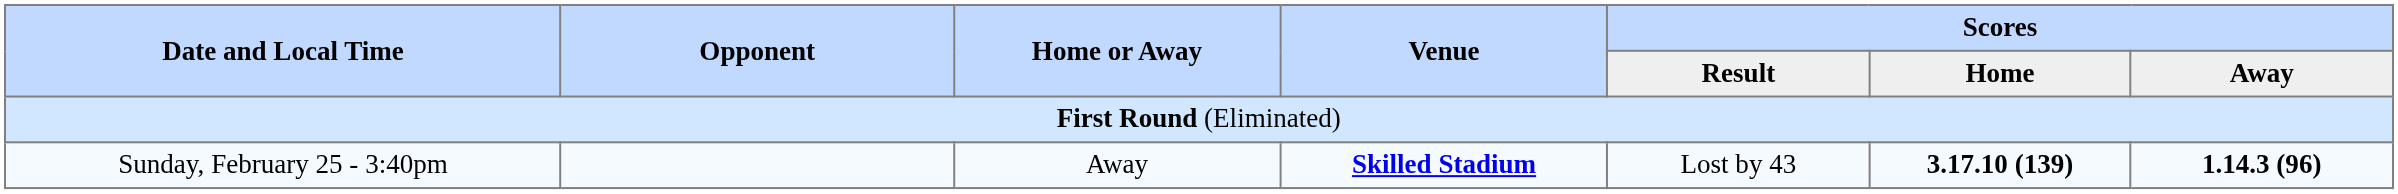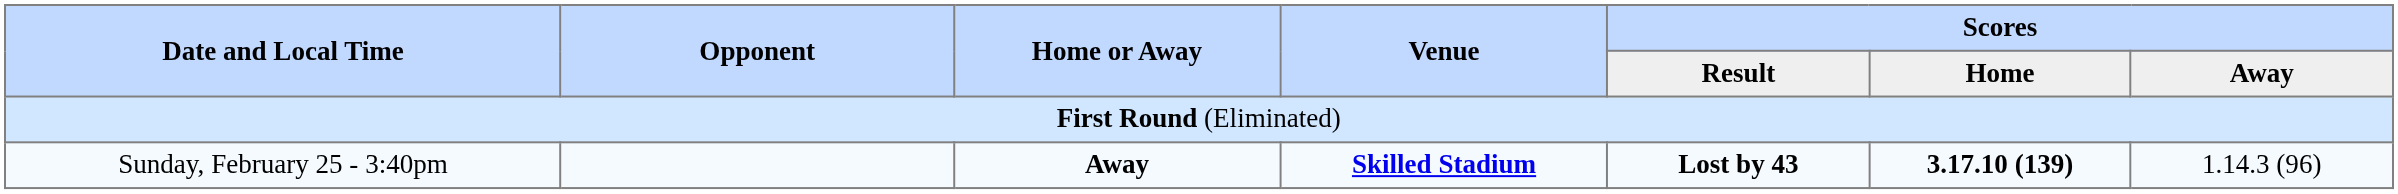 <table border=1 style="border-collapse:collapse; font-size:85%; text-align:center;" cellpadding=3 cellspacing=0 width=95%>
 <tr bgcolor=#C1D8FF>
 <th rowspan=2 width=17%>Date and Local Time</th>
 <th rowspan=2 width=12%>Opponent</th>
 <th rowspan=2 width=10%>Home or Away</th>
 <th rowspan=2 width=10%>Venue</th>
 <th colspan=3>Scores</th>
 </tr>
 <tr bgcolor=#EFEFEF>
 <th width=8%>Result</th>
 <th width=8%>Home</th>
 <th width=8%>Away</th>
 </tr>
 <tr bgcolor="#D0E7FF">
 <td colspan=7><strong>First Round</strong> (Eliminated)</td>
 </tr>
 <tr bgcolor=#F5FAFF>
 <td>Sunday, February 25 - 3:40pm</td>
 <td align=left></td>
-<td>Away</td>
+<td><strong>Away</strong></td>
 <td><strong><a href='#'>Skilled Stadium</a></strong></td>
-<td>Lost by 43</td>
+<td><strong>Lost by 43</strong></td>
 <td><strong>3.17.10 (139)</strong></td>
-<td><strong>1.14.3 (96)</strong></td>
+<td>1.14.3 (96)</td>
 </tr>
 </table>
